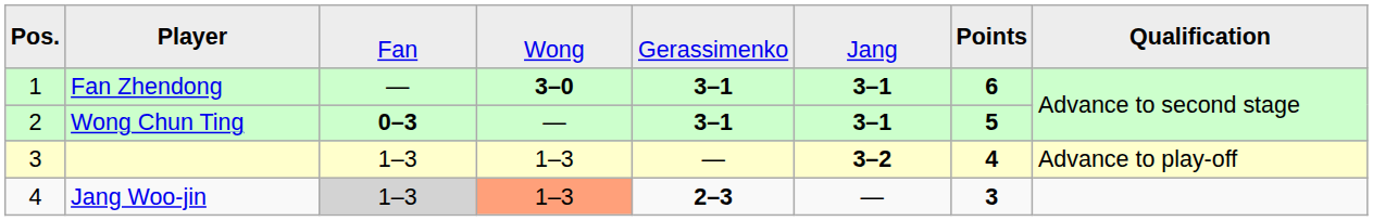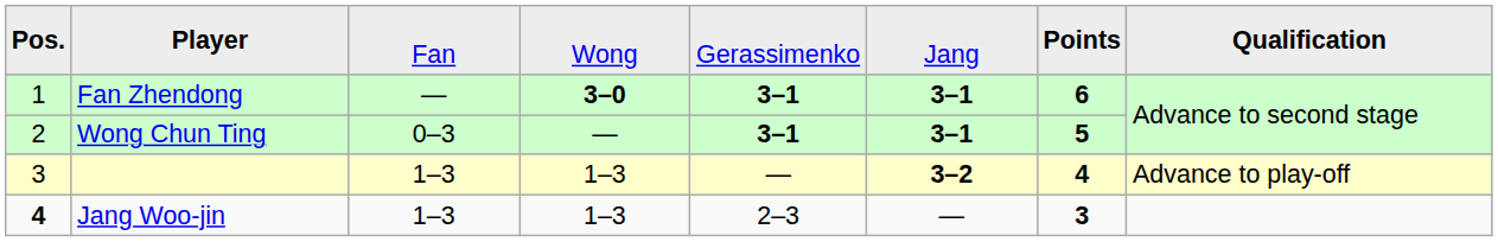 <table class="wikitable" style="font-size:90%">
 <tr style="text-align:center;">
 <td style="background-color:#ededed;" width="20"><strong>Pos.</strong></td>
 <td style="background-color:#ededed;" width="150"><strong>Player</strong></td>
 <td style="background-color:#ededed;" width="90"><br><a href='#'>Fan</a></td>
 <td style="background-color:#ededed;" width="90"><br><a href='#'>Wong</a></td>
 <td style="background-color:#ededed;" width="90"><br><a href='#'>Gerassimenko</a></td>
 <td style="background-color:#ededed;" width="90"><br><a href='#'>Jang</a></td>
 <td style="background-color:#ededed;" width="40"><strong>Points</strong></td>
 <td style="background-color:#ededed;" width="200"><strong>Qualification</strong></td>
 </tr>
 <tr style="text-align:center;" bgcolor=ccffcc>
 <td>1</td>
 <td style="text-align:left;"> <a href='#'>Fan Zhendong</a></td>
 <td>—</td>
 <td><strong>3–0</strong></td>
 <td><strong>3–1</strong></td>
 <td><strong>3–1</strong></td>
 <td><strong>6</strong></td>
 <td rowspan=2 style="text-align:left;">Advance to second stage</td>
 </tr>
 <tr style="text-align:center;" bgcolor=ccffcc>
 <td>2</td>
 <td style="text-align:left;"> <a href='#'>Wong Chun Ting</a></td>
-<td><strong>0–3</strong></td>
+<td>0–3</td>
 <td>—</td>
 <td><strong>3–1</strong></td>
 <td><strong>3–1</strong></td>
 <td><strong>5</strong></td>
 </tr>
 <tr style="text-align:center;" bgcolor=ffffcc>
 <td>3</td>
 <td style="text-align:left;"></td>
 <td>1–3</td>
 <td>1–3</td>
 <td>—</td>
 <td><strong>3–2</strong></td>
 <td><strong>4</strong></td>
 <td style="text-align:left;">Advance to play-off</td>
 </tr>
 <tr style="text-align:center;">
-<td>4</td>
+<td><strong>4</strong></td>
 <td style="text-align:left;"> <a href='#'>Jang Woo-jin</a></td>
-<td style="background: lightgrey;">1–3</td>
-<td style="background: lightsalmon;">1–3</td>
-<td><strong>2–3</strong></td>
+<td>1–3</td>
+<td>1–3</td>
+<td>2–3</td>
 <td>—</td>
 <td><strong>3</strong></td>
 <td></td>
 </tr>
 </table>
